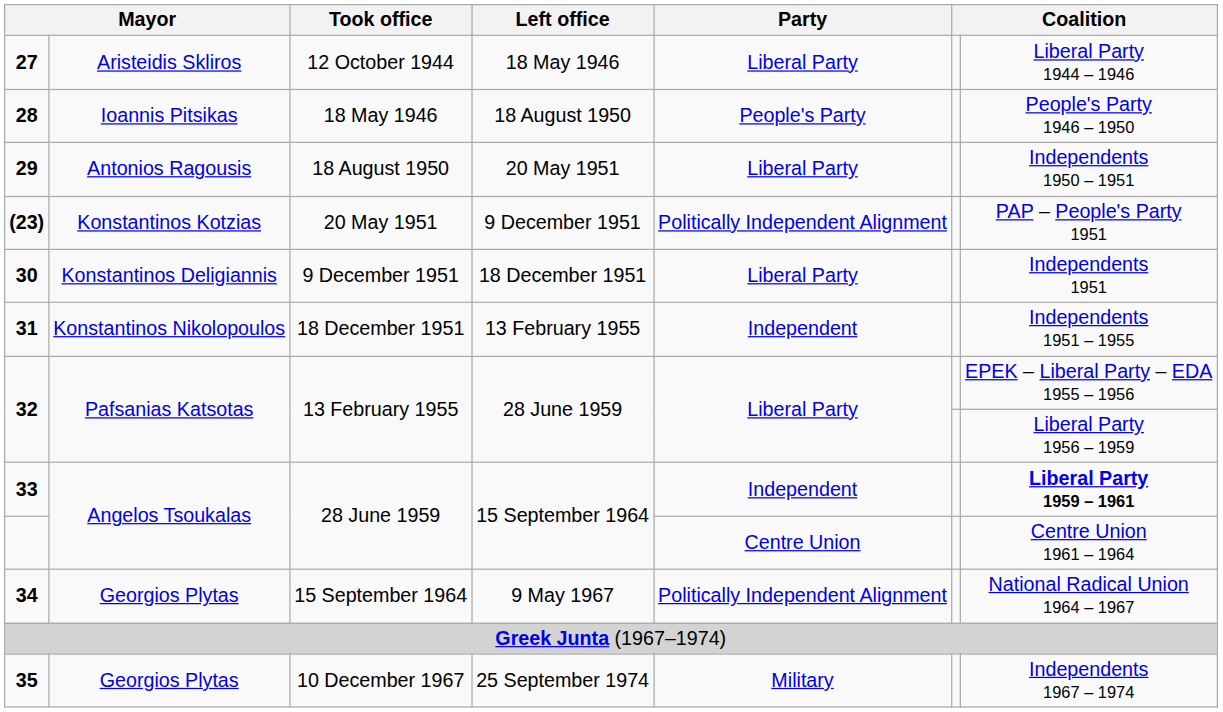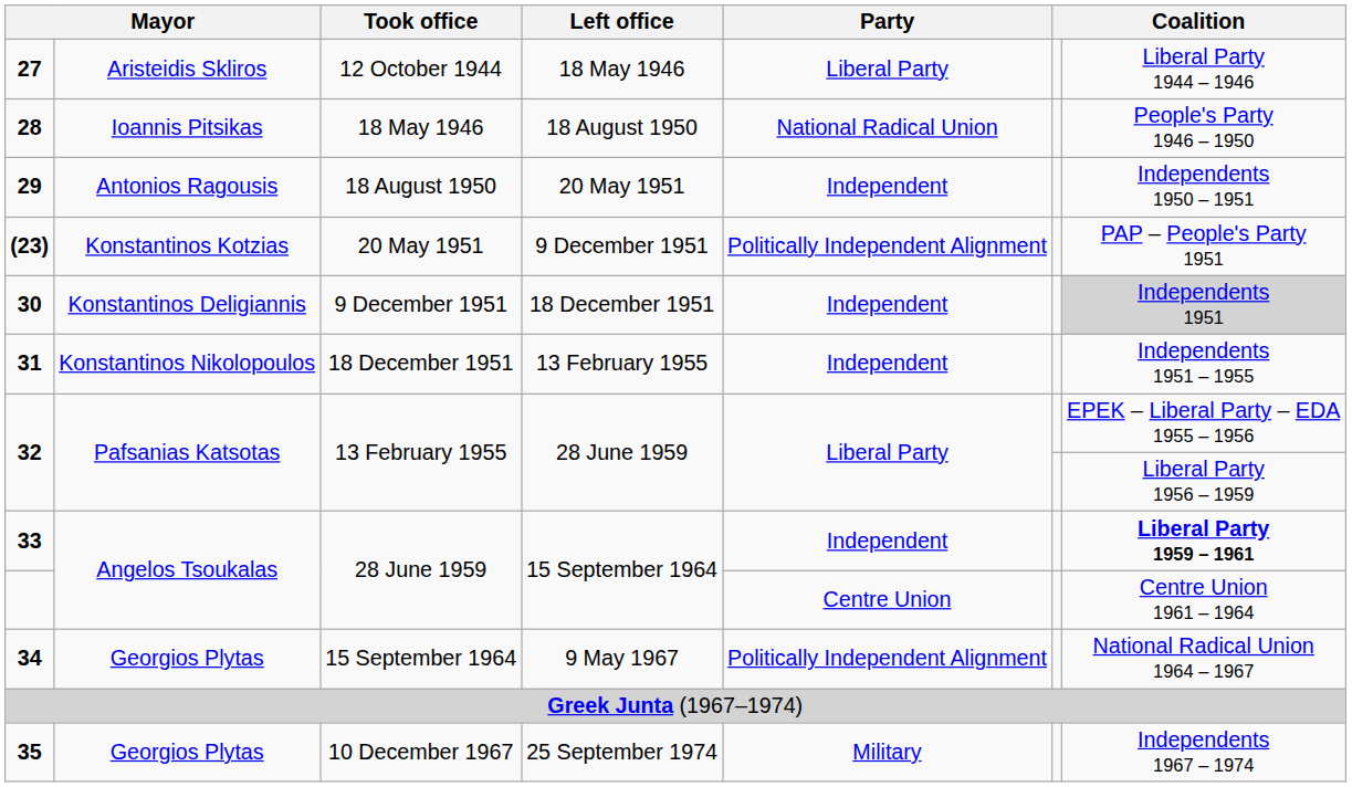 <table class="wikitable" style="text-align: center;">
 <tr>
 <th colspan="2">Mayor</th>
 <th>Took office</th>
 <th>Left office</th>
 <th>Party</th>
 <th colspan="2">Coalition</th>
 </tr>
 <tr>
 <td rowspan=1 style="background: "><strong>27</strong></td>
 <td><a href='#'>Aristeidis Skliros</a></td>
 <td>12 October 1944</td>
 <td>18 May 1946</td>
 <td><a href='#'>Liberal Party</a></td>
 <td style="background: "></td>
 <td><a href='#'>Liberal Party</a> <br><small>1944 – 1946</small></td>
 </tr>
 <tr>
 <td rowspan=1 style="background: "><strong>28</strong></td>
 <td><a href='#'>Ioannis Pitsikas</a></td>
 <td>18 May 1946</td>
 <td>18 August 1950</td>
-<td><a href='#'>People's Party</a></td>
+<td><a href='#'>National Radical Union</a></td>
 <td style="background: "></td>
 <td><a href='#'>People's Party</a> <br><small>1946 – 1950</small></td>
 </tr>
 <tr>
 <td rowspan=1 style="background: "><strong>29</strong></td>
 <td><a href='#'>Antonios Ragousis</a></td>
 <td>18 August 1950</td>
 <td>20 May 1951</td>
-<td><a href='#'>Liberal Party</a></td>
+<td><a href='#'>Independent</a></td>
 <td style="background: "></td>
 <td><a href='#'>Independents</a> <br><small>1950 – 1951</small></td>
 </tr>
 <tr>
 <td rowspan=1 style="background: "><strong>(23)</strong></td>
 <td><a href='#'>Konstantinos Kotzias</a></td>
 <td>20 May 1951</td>
 <td>9 December 1951</td>
 <td><a href='#'>Politically Independent Alignment</a></td>
 <td style="background: "></td>
 <td><a href='#'>PAP</a> – <a href='#'>People's Party</a> <br><small>1951</small></td>
 </tr>
 <tr>
 <td rowspan=1 style="background: "><strong>30</strong></td>
 <td><a href='#'>Konstantinos Deligiannis</a></td>
 <td>9 December 1951</td>
 <td>18 December 1951</td>
-<td><a href='#'>Liberal Party</a></td>
+<td><a href='#'>Independent</a></td>
 <td style="background: "></td>
-<td><a href='#'>Independents</a> <br><small>1951</small></td>
+<td style="background: lightgrey;"><a href='#'>Independents</a> <br><small>1951</small></td>
 </tr>
 <tr>
 <td rowspan=1 style="background: "><strong>31</strong></td>
 <td><a href='#'>Konstantinos Nikolopoulos</a></td>
 <td>18 December 1951</td>
 <td>13 February 1955</td>
 <td><a href='#'>Independent</a></td>
 <td style="background: "></td>
 <td><a href='#'>Independents</a> <br><small>1951 – 1955</small></td>
 </tr>
 <tr>
 <td rowspan=2 style="background: "><strong>32</strong></td>
 <td rowspan=2><a href='#'>Pafsanias Katsotas</a></td>
 <td rowspan=2>13 February 1955</td>
 <td rowspan=2>28 June 1959</td>
 <td rowspan=2><a href='#'>Liberal Party</a></td>
 <td style="background: "></td>
 <td><a href='#'>EPEK</a> – <a href='#'>Liberal Party</a> – <a href='#'>EDA</a> <br><small>1955 – 1956</small></td>
 </tr>
 <tr>
 <td style="background: "></td>
 <td><a href='#'>Liberal Party</a> <br><small>1956 – 1959</small></td>
 </tr>
 <tr>
 <td rowspan=1 style="background: "><strong>33</strong></td>
 <td rowspan=2><a href='#'>Angelos Tsoukalas</a></td>
 <td rowspan=2>28 June 1959</td>
 <td rowspan=2>15 September 1964</td>
 <td><a href='#'>Independent</a></td>
 <td style="background: "></td>
 <td><strong><a href='#'>Liberal Party</a> <br><small>1959 – 1961</small></strong></td>
 </tr>
 <tr>
 <td rowspan=1 style="background: "></td>
 <td><a href='#'>Centre Union</a></td>
 <td style="background: "></td>
 <td><a href='#'>Centre Union</a> <br><small>1961 – 1964</small></td>
 </tr>
 <tr>
 <td rowspan=1 style="background: "><strong>34</strong></td>
 <td><a href='#'>Georgios Plytas</a></td>
 <td>15 September 1964</td>
 <td>9 May 1967</td>
 <td><a href='#'>Politically Independent Alignment</a></td>
 <td style="background: "></td>
 <td><a href='#'>National Radical Union</a> <br><small>1964 – 1967</small></td>
 </tr>
 <tr>
 <td colspan="7" bgcolor="lightgrey" align="center"><strong><a href='#'>Greek Junta</a></strong> (1967–1974)</td>
 </tr>
 <tr>
 <td rowspan=1 style="background: "><strong>35</strong></td>
 <td><a href='#'>Georgios Plytas</a></td>
 <td>10 December 1967</td>
 <td>25 September 1974</td>
 <td><a href='#'>Military</a></td>
 <td style="background: "></td>
 <td><a href='#'>Independents</a> <br><small>1967 – 1974</small></td>
 </tr>
 </table>
